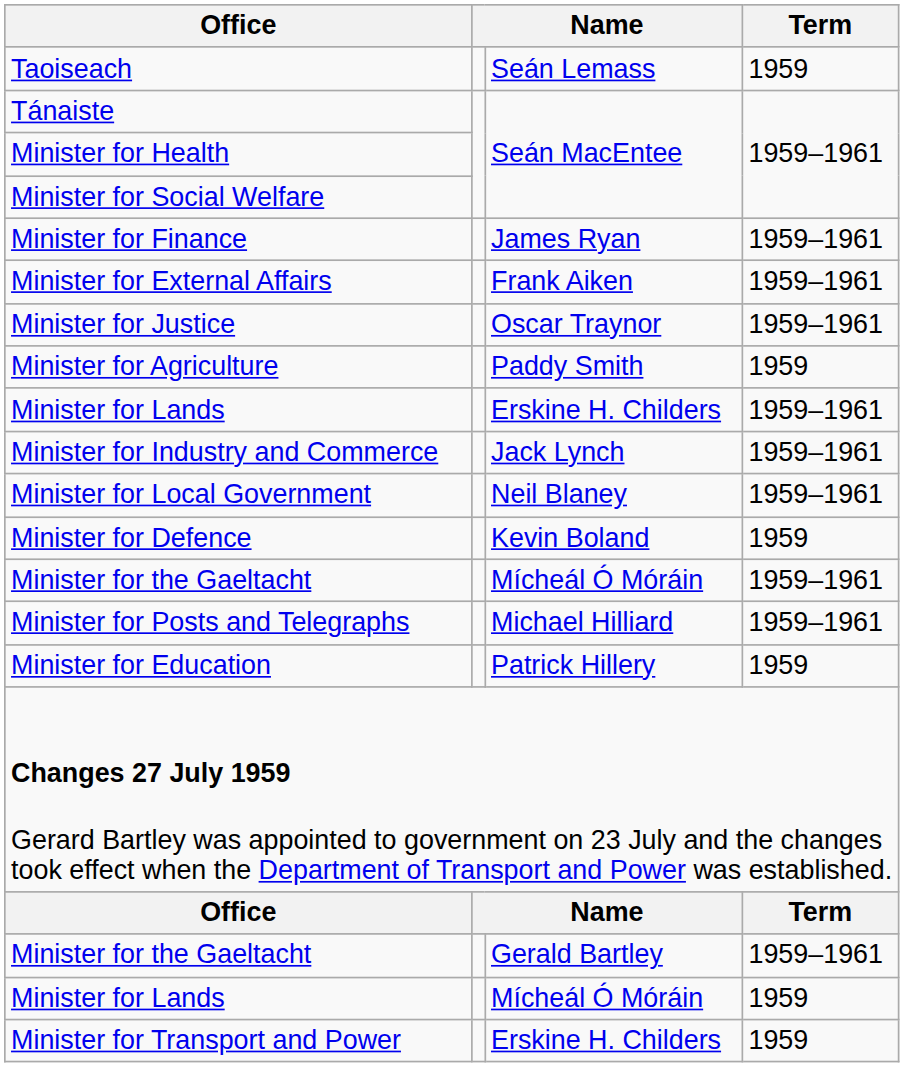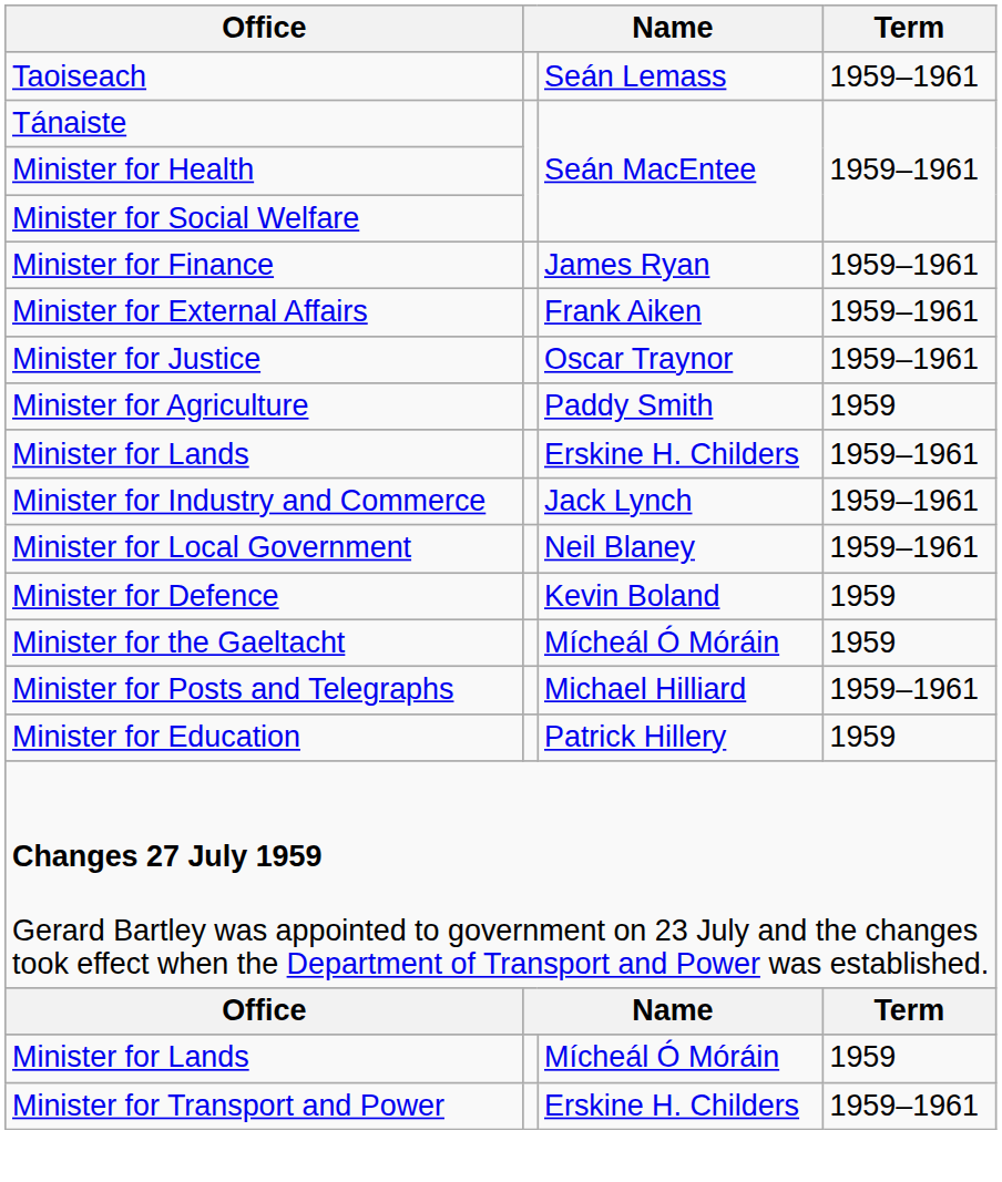 <table class="wikitable">
 <tr>
 <th>Office</th>
 <th colspan="2">Name</th>
 <th>Term</th>
 </tr>
 <tr>
 <td><a href='#'>Taoiseach</a></td>
 <td style="background-color: "></td>
 <td><a href='#'>Seán Lemass</a></td>
-<td>1959</td>
+<td>1959–1961</td>
 </tr>
 <tr>
 <td><a href='#'>Tánaiste</a></td>
 <td rowspan=3 style="background-color: "></td>
 <td rowspan=3><a href='#'>Seán MacEntee</a></td>
 <td rowspan=3>1959–1961</td>
 </tr>
 <tr>
 <td><a href='#'>Minister for Health</a></td>
 </tr>
 <tr>
 <td><a href='#'>Minister for Social Welfare</a></td>
 </tr>
 <tr>
 <td><a href='#'>Minister for Finance</a></td>
 <td style="background-color: "></td>
 <td><a href='#'>James Ryan</a></td>
 <td>1959–1961</td>
 </tr>
 <tr>
 <td><a href='#'>Minister for External Affairs</a></td>
 <td style="background-color: "></td>
 <td><a href='#'>Frank Aiken</a></td>
 <td>1959–1961</td>
 </tr>
 <tr>
 <td><a href='#'>Minister for Justice</a></td>
 <td style="background-color: "></td>
 <td><a href='#'>Oscar Traynor</a></td>
 <td>1959–1961</td>
 </tr>
 <tr>
 <td><a href='#'>Minister for Agriculture</a></td>
 <td style="background-color: "></td>
 <td><a href='#'>Paddy Smith</a></td>
 <td>1959</td>
 </tr>
 <tr>
 <td><a href='#'>Minister for Lands</a></td>
 <td style="background-color: "></td>
 <td><a href='#'>Erskine H. Childers</a></td>
 <td>1959–1961</td>
 </tr>
 <tr>
 <td><a href='#'>Minister for Industry and Commerce</a></td>
 <td style="background-color: "></td>
 <td><a href='#'>Jack Lynch</a></td>
 <td>1959–1961</td>
 </tr>
 <tr>
 <td><a href='#'>Minister for Local Government</a></td>
 <td style="background-color: "></td>
 <td><a href='#'>Neil Blaney</a></td>
 <td>1959–1961</td>
 </tr>
 <tr>
 <td><a href='#'>Minister for Defence</a></td>
 <td style="background-color: "></td>
 <td><a href='#'>Kevin Boland</a></td>
 <td>1959</td>
 </tr>
 <tr>
 <td><a href='#'>Minister for the Gaeltacht</a></td>
 <td style="background-color: "></td>
 <td><a href='#'>Mícheál Ó Móráin</a></td>
-<td>1959–1961</td>
+<td>1959</td>
 </tr>
 <tr>
 <td><a href='#'>Minister for Posts and Telegraphs</a></td>
 <td style="background-color: "></td>
 <td><a href='#'>Michael Hilliard</a></td>
 <td>1959–1961</td>
 </tr>
 <tr>
 <td><a href='#'>Minister for Education</a></td>
 <td style="background-color: "></td>
 <td><a href='#'>Patrick Hillery</a></td>
 <td>1959</td>
 </tr>
 <tr>
 <td colspan="4"><br><h4>Changes 27 July 1959</h4>Gerard Bartley was appointed to government on 23 July and the changes<br>took effect when the <a href='#'>Department of Transport and Power</a> was established.</td>
 </tr>
 <tr>
 <th>Office</th>
 <th colspan="2">Name</th>
 <th>Term</th>
 </tr>
 <tr>
-<td><a href='#'>Minister for the Gaeltacht</a></td>
-<td style="background-color: "></td>
-<td><a href='#'>Gerald Bartley</a></td>
-<td>1959–1961</td>
-</tr>
-<tr>
 <td><a href='#'>Minister for Lands</a></td>
 <td style="background-color: "></td>
 <td><a href='#'>Mícheál Ó Móráin</a></td>
 <td>1959</td>
 </tr>
 <tr>
 <td><a href='#'>Minister for Transport and Power</a></td>
 <td style="background-color: "></td>
 <td><a href='#'>Erskine H. Childers</a></td>
-<td>1959</td>
+<td>1959–1961</td>
 </tr>
 </table>
